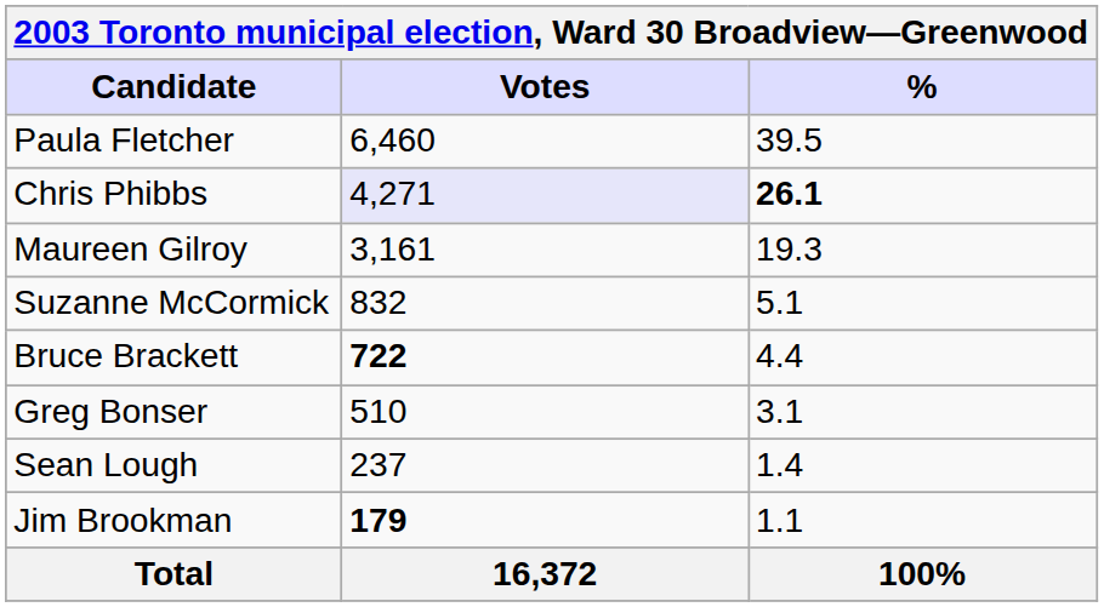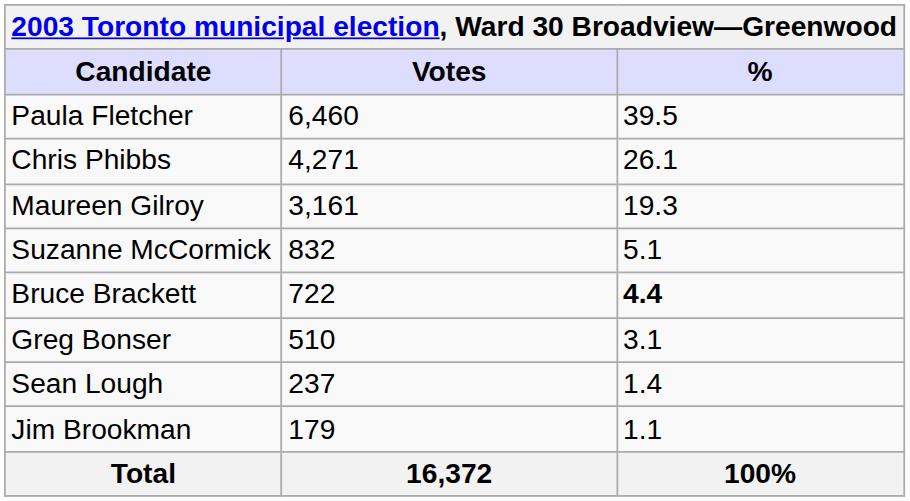 <table class="wikitable">
 <tr>
 <th colspan="3"><a href='#'>2003 Toronto municipal election</a>, Ward 30 Broadview—Greenwood </th>
 </tr>
 <tr>
 <th style="background:#ddf; width:150px;">Candidate</th>
 <th style="background:#ddf;">Votes</th>
 <th style="background:#ddf;">%</th>
 </tr>
 <tr>
 <td>Paula Fletcher</td>
 <td>6,460</td>
 <td>39.5</td>
 </tr>
 <tr>
 <td>Chris Phibbs</td>
-<td style="background: lavender;">4,271</td>
-<td><strong>26.1</strong></td>
+<td>4,271</td>
+<td>26.1</td>
 </tr>
 <tr>
 <td>Maureen Gilroy</td>
 <td>3,161</td>
 <td>19.3</td>
 </tr>
 <tr>
 <td>Suzanne McCormick</td>
 <td>832</td>
 <td>5.1</td>
 </tr>
 <tr>
 <td>Bruce Brackett</td>
-<td><strong>722</strong></td>
-<td>4.4</td>
+<td>722</td>
+<td><strong>4.4</strong></td>
 </tr>
 <tr>
 <td>Greg Bonser</td>
 <td>510</td>
 <td>3.1</td>
 </tr>
 <tr>
 <td>Sean Lough</td>
 <td>237</td>
 <td>1.4</td>
 </tr>
 <tr>
 <td>Jim Brookman</td>
-<td><strong>179</strong></td>
+<td>179</td>
 <td>1.1</td>
 </tr>
 <tr>
 <th>Total</th>
 <th>16,372</th>
 <th>100%</th>
 </tr>
 </table>
